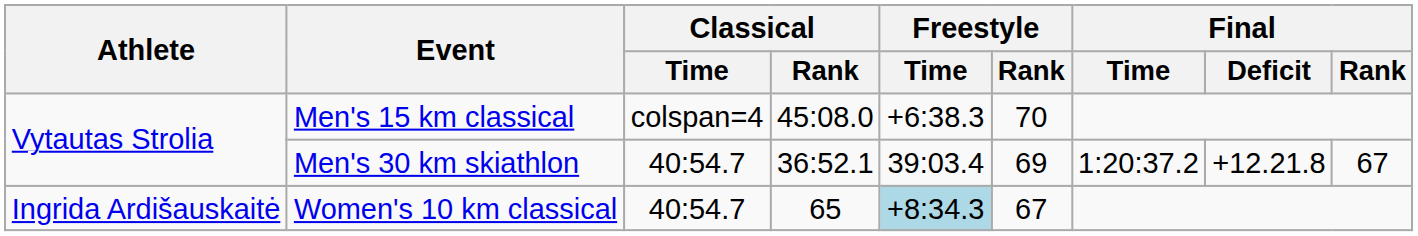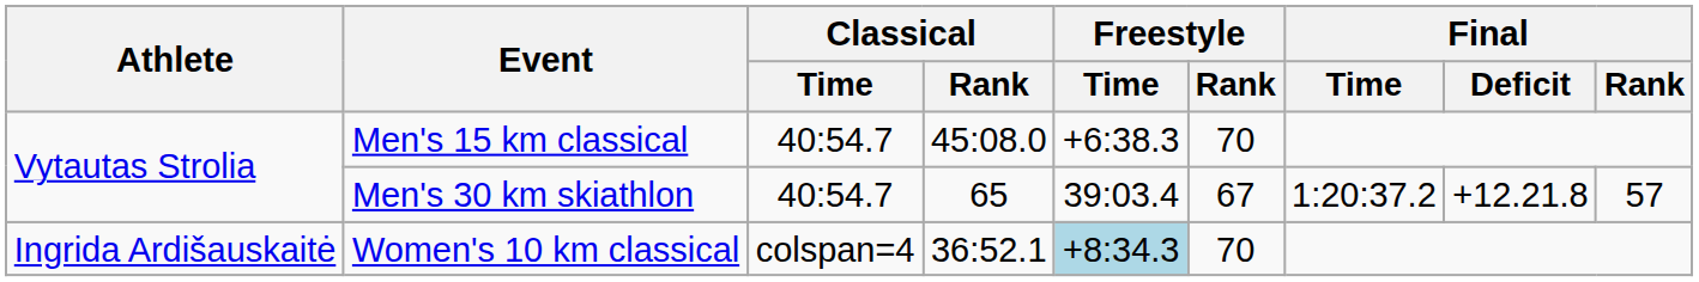 <table class="wikitable" style="font-size:90%">
 <tr>
 <th rowspan=2>Athlete</th>
 <th rowspan=2>Event</th>
 <th colspan=2>Classical</th>
 <th colspan=2>Freestyle</th>
 <th colspan=3>Final</th>
 </tr>
 <tr style="font-size: 95%">
 <th>Time</th>
 <th>Rank</th>
 <th>Time</th>
 <th>Rank</th>
 <th>Time</th>
 <th>Deficit</th>
 <th>Rank</th>
 </tr>
 <tr align=center>
 <td align=left rowspan=2><a href='#'>Vytautas Strolia</a></td>
 <td align=left><a href='#'>Men's 15 km classical</a></td>
-<td>colspan=4 </td>
+<td>40:54.7</td>
 <td>45:08.0</td>
 <td>+6:38.3</td>
 <td>70</td>
 </tr>
 <tr align=center>
 <td align=left><a href='#'>Men's 30 km skiathlon</a></td>
 <td>40:54.7</td>
-<td>36:52.1</td>
+<td>65</td>
 <td>39:03.4</td>
-<td>69</td>
+<td>67</td>
 <td>1:20:37.2</td>
 <td>+12.21.8</td>
-<td>67</td>
+<td>57</td>
 </tr>
 <tr align=center>
 <td align=left><a href='#'>Ingrida Ardišauskaitė</a></td>
 <td align=left><a href='#'>Women's 10 km classical</a></td>
-<td>40:54.7</td>
-<td>65</td>
+<td>colspan=4 </td>
+<td>36:52.1</td>
 <td style="background: lightblue;">+8:34.3</td>
-<td>67</td>
+<td>70</td>
 </tr>
 </table>
